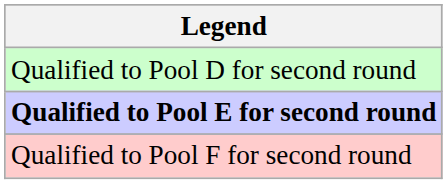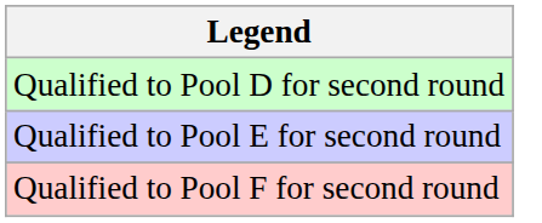 <table class="wikitable">
 <tr>
 <th>Legend</th>
 </tr>
 <tr bgcolor=ccffcc>
 <td>Qualified to Pool D for second round</td>
 </tr>
 <tr bgcolor=ccccff>
-<td><strong>Qualified to Pool E for second round</strong></td>
+<td>Qualified to Pool E for second round</td>
 </tr>
 <tr bgcolor=ffcccc>
 <td>Qualified to Pool F for second round</td>
 </tr>
 </table>
